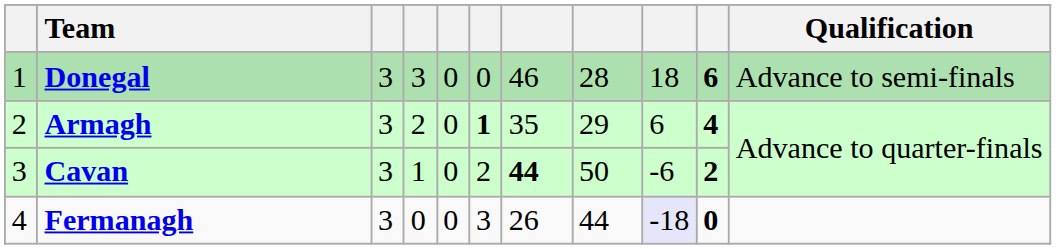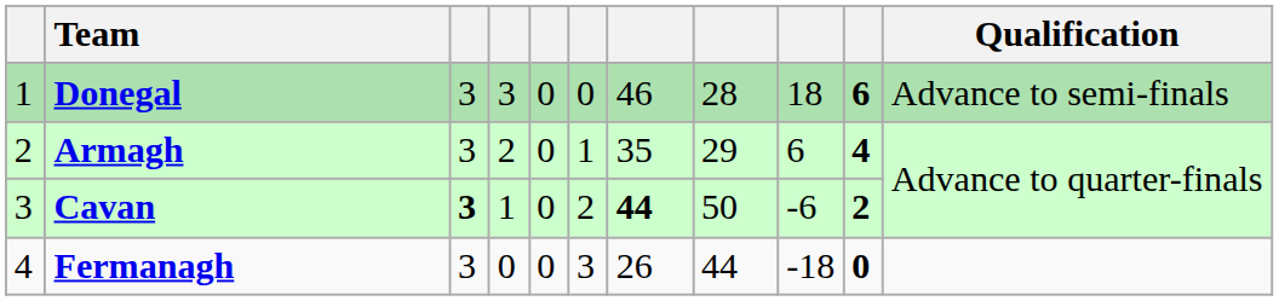 <table class="wikitable">
 <tr>
 <th width="10"></th>
 <th width="170" style="text-align:left;">Team</th>
 <th width="10"></th>
 <th width="10"></th>
 <th width="10"></th>
 <th width="10"></th>
 <th width="30"></th>
 <th width="30"></th>
 <th width="10"></th>
 <th width="10"></th>
 <th>Qualification</th>
 </tr>
 <tr style="background:#ace1af">
 <td>1</td>
 <td align="left"><strong> <a href='#'>Donegal</a></strong></td>
 <td>3</td>
 <td>3</td>
 <td>0</td>
 <td>0</td>
 <td>46</td>
 <td>28</td>
 <td>18</td>
 <td><strong>6</strong></td>
 <td>Advance to semi-finals</td>
 </tr>
 <tr style="background:#ccffcc">
 <td>2</td>
 <td align="left"><strong> <a href='#'>Armagh</a></strong></td>
 <td>3</td>
 <td>2</td>
 <td>0</td>
-<td><strong>1</strong></td>
+<td>1</td>
 <td>35</td>
 <td>29</td>
 <td>6</td>
 <td><strong>4</strong></td>
 <td rowspan=2>Advance to quarter-finals</td>
 </tr>
 <tr style="background:#ccffcc">
 <td>3</td>
 <td align="left"><strong> <a href='#'>Cavan</a></strong></td>
-<td>3</td>
+<td><strong>3</strong></td>
 <td>1</td>
 <td>0</td>
 <td>2</td>
 <td><strong>44</strong></td>
 <td>50</td>
 <td>-6</td>
 <td><strong>2</strong></td>
 </tr>
 <tr>
 <td>4</td>
 <td align="left"><strong> <a href='#'>Fermanagh</a></strong></td>
 <td>3</td>
 <td>0</td>
 <td>0</td>
 <td>3</td>
 <td>26</td>
 <td>44</td>
-<td style="background: lavender;">-18</td>
+<td>-18</td>
 <td><strong>0</strong></td>
 <td></td>
 </tr>
 </table>
